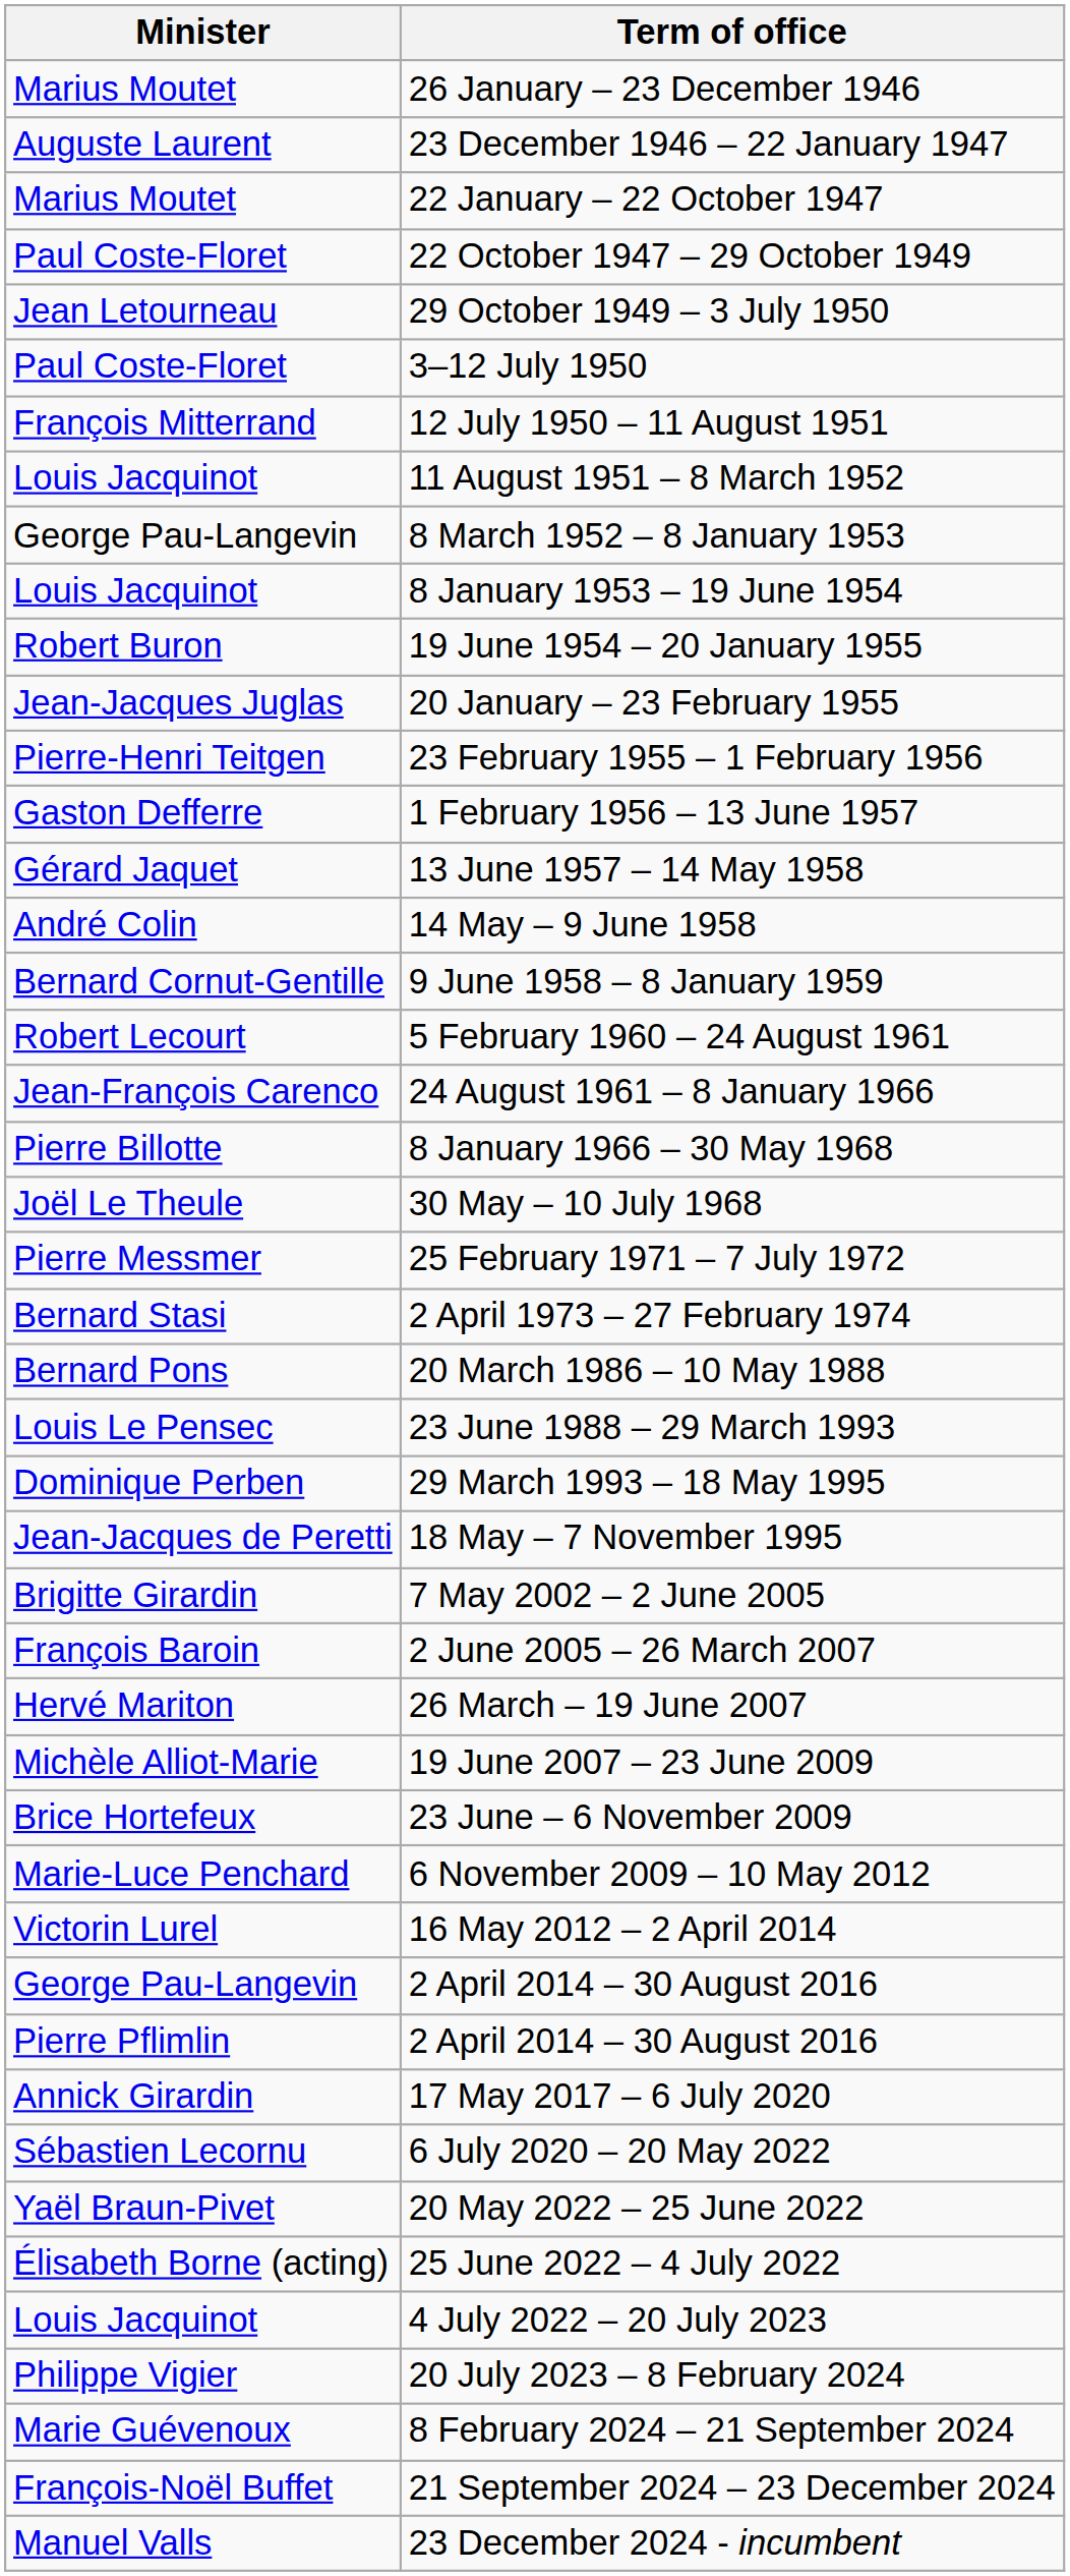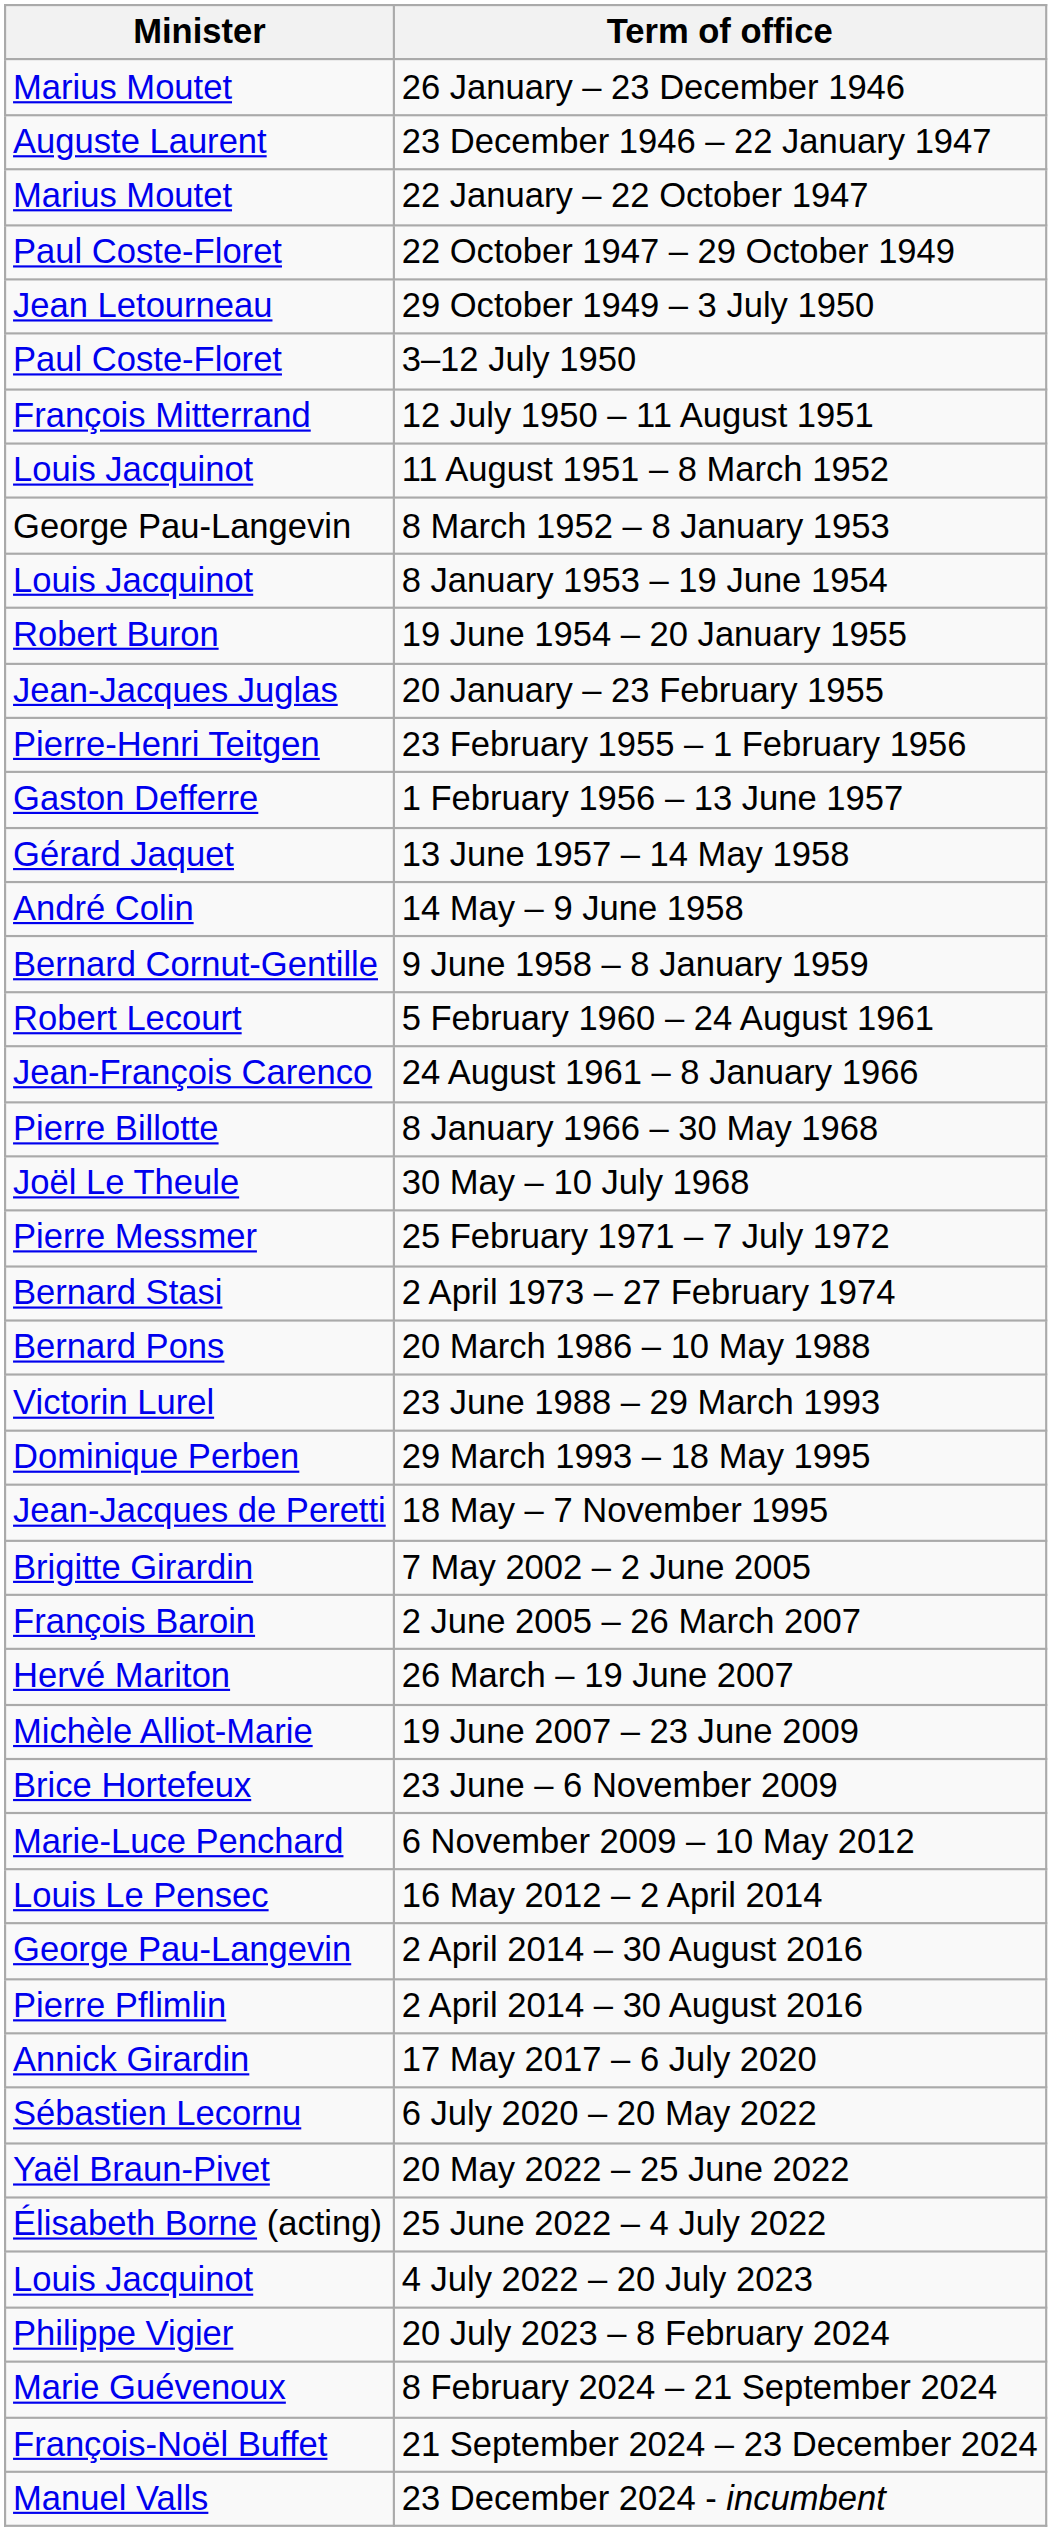 <table class=wikitable>
 <tr>
 <th>Minister</th>
 <th>Term of office</th>
 </tr>
 <tr>
 <td><a href='#'>Marius Moutet</a></td>
 <td>26 January – 23 December 1946</td>
 </tr>
 <tr>
 <td><a href='#'>Auguste Laurent</a></td>
 <td>23 December 1946 – 22 January 1947</td>
 </tr>
 <tr>
 <td><a href='#'>Marius Moutet</a></td>
 <td>22 January – 22 October 1947</td>
 </tr>
 <tr>
 <td><a href='#'>Paul Coste-Floret</a></td>
 <td>22 October 1947 – 29 October 1949</td>
 </tr>
 <tr>
 <td><a href='#'>Jean Letourneau</a></td>
 <td>29 October 1949 – 3 July 1950</td>
 </tr>
 <tr>
 <td><a href='#'>Paul Coste-Floret</a></td>
 <td>3–12 July 1950</td>
 </tr>
 <tr>
 <td><a href='#'>François Mitterrand</a></td>
 <td>12 July 1950 – 11 August 1951</td>
 </tr>
 <tr>
 <td><a href='#'>Louis Jacquinot</a></td>
 <td>11 August 1951 – 8 March 1952</td>
 </tr>
 <tr>
 <td>George Pau-Langevin</td>
 <td>8 March 1952 – 8 January 1953</td>
 </tr>
 <tr>
 <td><a href='#'>Louis Jacquinot</a></td>
 <td>8 January 1953 – 19 June 1954</td>
 </tr>
 <tr>
 <td><a href='#'>Robert Buron</a></td>
 <td>19 June 1954 – 20 January 1955</td>
 </tr>
 <tr>
 <td><a href='#'>Jean-Jacques Juglas</a></td>
 <td>20 January – 23 February 1955</td>
 </tr>
 <tr>
 <td><a href='#'>Pierre-Henri Teitgen</a></td>
 <td>23 February 1955 – 1 February 1956</td>
 </tr>
 <tr>
 <td><a href='#'>Gaston Defferre</a></td>
 <td>1 February 1956 – 13 June 1957</td>
 </tr>
 <tr>
 <td><a href='#'>Gérard Jaquet</a></td>
 <td>13 June 1957 – 14 May 1958</td>
 </tr>
 <tr>
 <td><a href='#'>André Colin</a></td>
 <td>14 May – 9 June 1958</td>
 </tr>
 <tr>
 <td><a href='#'>Bernard Cornut-Gentille</a></td>
 <td>9 June 1958 – 8 January 1959</td>
 </tr>
 <tr>
 <td><a href='#'>Robert Lecourt</a></td>
 <td>5 February 1960 – 24 August 1961</td>
 </tr>
 <tr>
 <td><a href='#'>Jean-François Carenco</a></td>
 <td>24 August 1961 – 8 January 1966</td>
 </tr>
 <tr>
 <td><a href='#'>Pierre Billotte</a></td>
 <td>8 January 1966 – 30 May 1968</td>
 </tr>
 <tr>
 <td><a href='#'>Joël Le Theule</a></td>
 <td>30 May – 10 July 1968</td>
 </tr>
 <tr>
 <td><a href='#'>Pierre Messmer</a></td>
 <td>25 February 1971 – 7 July 1972</td>
 </tr>
 <tr>
 <td><a href='#'>Bernard Stasi</a></td>
 <td>2 April 1973 – 27 February 1974</td>
 </tr>
 <tr>
 <td><a href='#'>Bernard Pons</a></td>
 <td>20 March 1986 – 10 May 1988</td>
 </tr>
 <tr>
-<td><a href='#'>Louis Le Pensec</a></td>
+<td><a href='#'>Victorin Lurel</a></td>
 <td>23 June 1988 – 29 March 1993</td>
 </tr>
 <tr>
 <td><a href='#'>Dominique Perben</a></td>
 <td>29 March 1993 – 18 May 1995</td>
 </tr>
 <tr>
 <td><a href='#'>Jean-Jacques de Peretti</a></td>
 <td>18 May – 7 November 1995</td>
 </tr>
 <tr>
 <td><a href='#'>Brigitte Girardin</a></td>
 <td>7 May 2002 – 2 June 2005</td>
 </tr>
 <tr>
 <td><a href='#'>François Baroin</a></td>
 <td>2 June 2005 – 26 March 2007</td>
 </tr>
 <tr>
 <td><a href='#'>Hervé Mariton</a></td>
 <td>26 March – 19 June 2007</td>
 </tr>
 <tr>
 <td><a href='#'>Michèle Alliot-Marie</a></td>
 <td>19 June 2007 – 23 June 2009</td>
 </tr>
 <tr>
 <td><a href='#'>Brice Hortefeux</a></td>
 <td>23 June – 6 November 2009</td>
 </tr>
 <tr>
 <td><a href='#'>Marie-Luce Penchard</a></td>
 <td>6 November 2009 – 10 May 2012</td>
 </tr>
 <tr>
-<td><a href='#'>Victorin Lurel</a></td>
+<td><a href='#'>Louis Le Pensec</a></td>
 <td>16 May 2012 – 2 April 2014</td>
 </tr>
 <tr>
 <td><a href='#'>George Pau-Langevin</a></td>
 <td>2 April 2014 – 30 August 2016</td>
 </tr>
 <tr>
 <td><a href='#'>Pierre Pflimlin</a></td>
 <td>2 April 2014 – 30 August 2016</td>
 </tr>
 <tr>
 <td><a href='#'>Annick Girardin</a></td>
 <td>17 May 2017 – 6 July 2020</td>
 </tr>
 <tr>
 <td><a href='#'>Sébastien Lecornu</a></td>
 <td>6 July 2020 – 20 May 2022</td>
 </tr>
 <tr>
 <td><a href='#'>Yaël Braun-Pivet</a></td>
 <td>20 May 2022 – 25 June 2022</td>
 </tr>
 <tr>
 <td><a href='#'>Élisabeth Borne</a> (acting)</td>
 <td>25 June 2022 – 4 July 2022</td>
 </tr>
 <tr>
 <td><a href='#'>Louis Jacquinot</a></td>
 <td>4 July 2022 – 20 July 2023</td>
 </tr>
 <tr>
 <td><a href='#'>Philippe Vigier</a></td>
 <td>20 July 2023 – 8 February 2024</td>
 </tr>
 <tr>
 <td><a href='#'>Marie Guévenoux</a></td>
 <td>8 February 2024 – 21 September 2024</td>
 </tr>
 <tr>
 <td><a href='#'>François-Noël Buffet</a></td>
 <td>21 September 2024 – 23 December 2024</td>
 </tr>
 <tr>
 <td><a href='#'>Manuel Valls</a></td>
 <td>23 December 2024 - <em>incumbent</em></td>
 </tr>
 </table>
